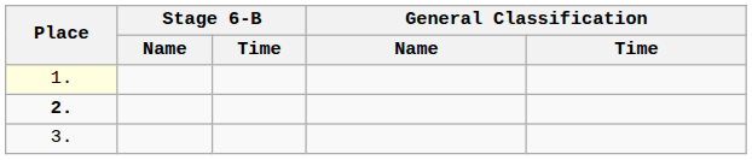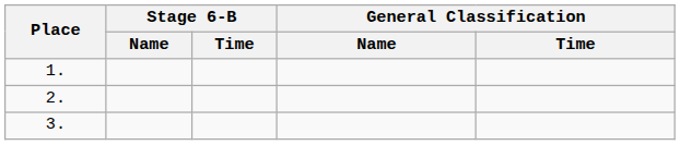 <table class=wikitable style="font-size:95%" width="80%">
 <tr>
 <th rowspan="2">Place</th>
 <th colspan="2">Stage 6-B</th>
 <th colspan="2">General Classification</th>
 </tr>
 <tr>
 <th>Name</th>
 <th>Time</th>
 <th>Name</th>
 <th>Time</th>
 </tr>
 <tr>
-<td align="center" style="background: lightyellow;">1.</td>
+<td align="center">1.</td>
 <td></td>
 <td></td>
 <td></td>
 <td></td>
 </tr>
 <tr>
-<td align="center"><strong>2.</strong></td>
+<td align="center">2.</td>
 <td></td>
 <td></td>
 <td></td>
 <td></td>
 </tr>
 <tr>
 <td align="center">3.</td>
 <td></td>
 <td></td>
 <td></td>
 <td></td>
 </tr>
 </table>
